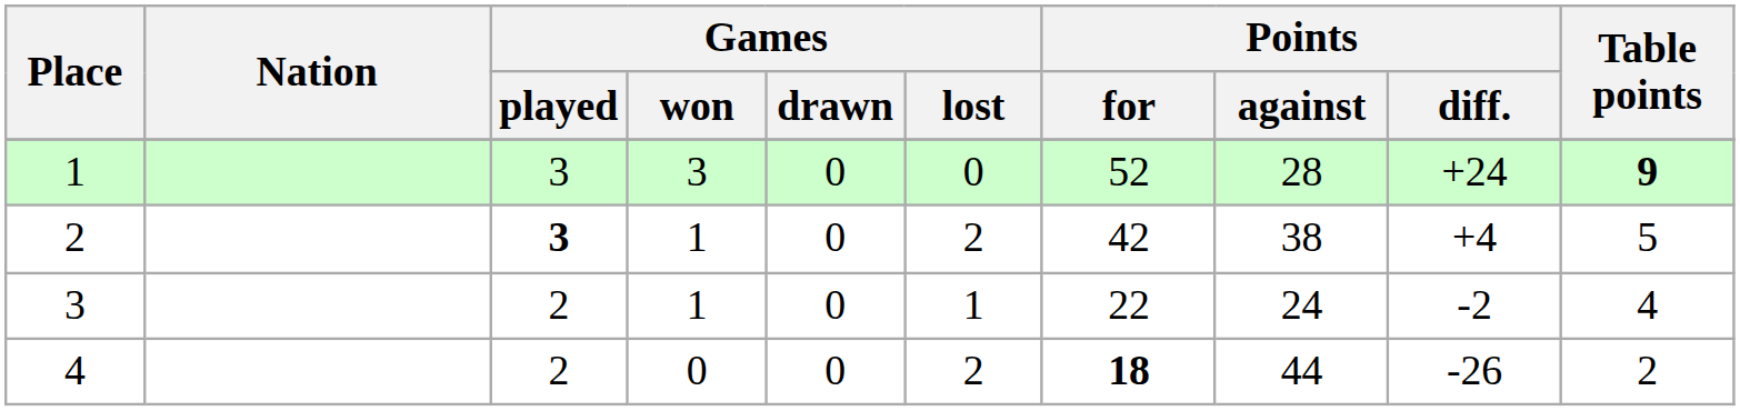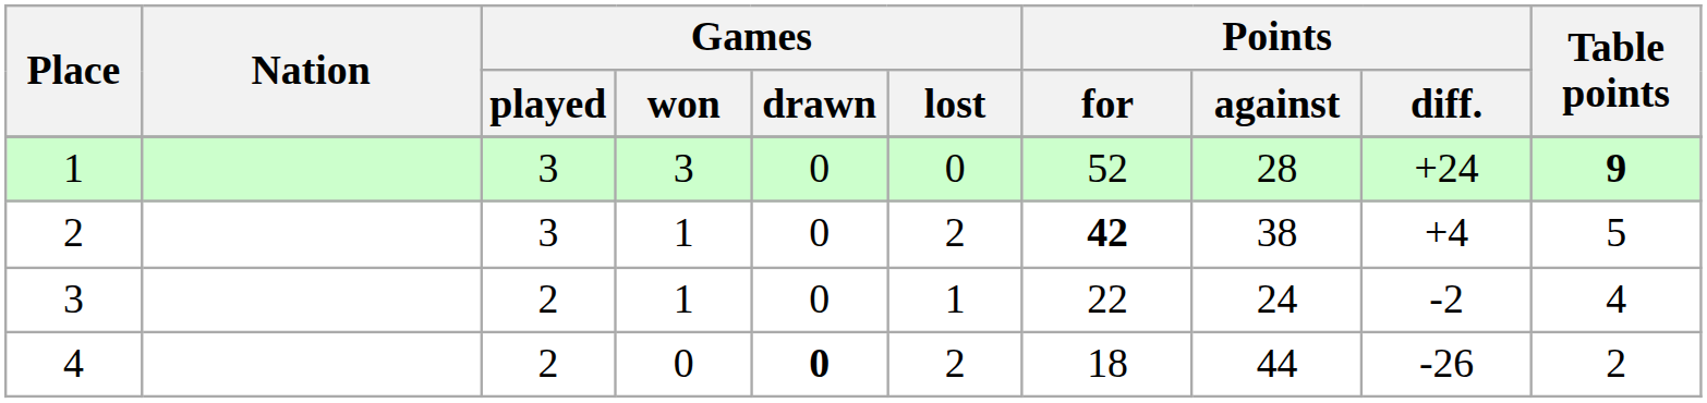 <table class="wikitable">
 <tr>
 <th rowspan=2 width="8%">Place</th>
 <th rowspan=2 width="20%">Nation</th>
 <th colspan=4 width="32%">Games</th>
 <th colspan=3 width="30%">Points</th>
 <th rowspan=2 width="10%">Table<br>points</th>
 </tr>
 <tr>
 <th width="8%">played</th>
 <th width="8%">won</th>
 <th width="8%">drawn</th>
 <th width="8%">lost</th>
 <th width="10%">for</th>
 <th width="10%">against</th>
 <th width="10%">diff.</th>
 </tr>
 <tr>
 </tr>
 <tr bgcolor=#ccffcc align=center>
 <td>1</td>
 <td align=left><strong></strong></td>
 <td>3</td>
 <td>3</td>
 <td>0</td>
 <td>0</td>
 <td>52</td>
 <td>28</td>
 <td>+24</td>
 <td><strong>9</strong></td>
 </tr>
 <tr bgcolor=#ffffff align=center>
 <td>2</td>
 <td align=left></td>
-<td><strong>3</strong></td>
+<td>3</td>
 <td>1</td>
 <td>0</td>
 <td>2</td>
-<td>42</td>
+<td><strong>42</strong></td>
 <td>38</td>
 <td>+4</td>
 <td>5</td>
 </tr>
 <tr bgcolor=#ffffff align=center>
 <td>3</td>
 <td align=left></td>
 <td>2</td>
 <td>1</td>
 <td>0</td>
 <td>1</td>
 <td>22</td>
 <td>24</td>
 <td>-2</td>
 <td>4</td>
 </tr>
 <tr bgcolor=#ffffff align=center>
 <td>4</td>
 <td align=left></td>
 <td>2</td>
 <td>0</td>
-<td>0</td>
+<td><strong>0</strong></td>
 <td>2</td>
-<td><strong>18</strong></td>
+<td>18</td>
 <td>44</td>
 <td>-26</td>
 <td>2</td>
 </tr>
 </table>
